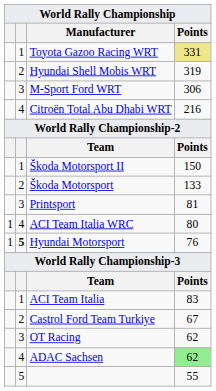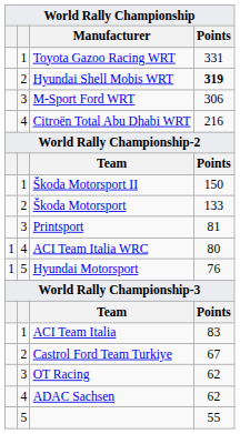 <table class="wikitable" style="font-size: 85%;">
 <tr>
 <td style="background-color:#EAECF0; text-align:center" colspan="4"><strong>World Rally Championship</strong></td>
 </tr>
 <tr>
 <th></th>
 <th align="center"></th>
 <th align="center">Manufacturer</th>
 <th align="center">Points</th>
 </tr>
 <tr>
 <td align="left"></td>
 <td align="center">1</td>
 <td> <a href='#'>Toyota Gazoo Racing WRT</a></td>
-<td align="center" style="background: khaki;">331</td>
+<td align="center">331</td>
 </tr>
 <tr>
 <td align="left"></td>
 <td align="center">2</td>
 <td> <a href='#'>Hyundai Shell Mobis WRT</a></td>
-<td align="center">319</td>
+<td align="center"><strong>319</strong></td>
 </tr>
 <tr>
 <td align="left"></td>
 <td align="center">3</td>
 <td> <a href='#'>M-Sport Ford WRT</a></td>
 <td align="center">306</td>
 </tr>
 <tr>
 <td align="left"></td>
 <td align="center">4</td>
 <td> <a href='#'>Citroën Total Abu Dhabi WRT</a></td>
 <td align="center">216</td>
 </tr>
 <tr>
 <td style="background-color:#EAECF0; text-align:center" colspan="4"><strong>World Rally Championship-2</strong></td>
 </tr>
 <tr>
 <th></th>
 <th align="center"></th>
 <th align="center">Team</th>
 <th align="center">Points</th>
 </tr>
 <tr>
 <td align="left"></td>
 <td align="center">1</td>
 <td> <a href='#'>Škoda Motorsport II</a></td>
 <td align="center">150</td>
 </tr>
 <tr>
 <td align="left"></td>
 <td align="center">2</td>
 <td> <a href='#'>Škoda Motorsport</a></td>
 <td align="center">133</td>
 </tr>
 <tr>
 <td align="left"></td>
 <td align="center">3</td>
 <td> <a href='#'>Printsport</a></td>
 <td align="center">81</td>
 </tr>
 <tr>
 <td align="left"> 1</td>
 <td align="center">4</td>
 <td> <a href='#'>ACI Team Italia WRC</a></td>
 <td align="center">80</td>
 </tr>
 <tr>
 <td align="left"> 1</td>
-<td align="center"><strong>5</strong></td>
+<td align="center">5</td>
 <td> <a href='#'>Hyundai Motorsport</a></td>
 <td align="center">76</td>
 </tr>
 <tr>
 <td style="background-color:#EAECF0; text-align:center" colspan="4"><strong>World Rally Championship-3</strong></td>
 </tr>
 <tr>
 <th></th>
 <th align="center"></th>
 <th align="center">Team</th>
 <th align="center">Points</th>
 </tr>
 <tr>
 <td align="left"></td>
 <td align="center">1</td>
 <td> <a href='#'>ACI Team Italia</a></td>
 <td align="center">83</td>
 </tr>
 <tr>
 <td align="left"></td>
 <td align="center">2</td>
 <td> <a href='#'>Castrol Ford Team Turkiye</a></td>
 <td align="center">67</td>
 </tr>
 <tr>
 <td align="left"></td>
 <td align="center">3</td>
 <td> <a href='#'>OT Racing</a></td>
 <td align="center">62</td>
 </tr>
 <tr>
 <td align="left"></td>
 <td align="center">4</td>
 <td> <a href='#'>ADAC Sachsen</a></td>
-<td align="center" style="background: lightgreen;">62</td>
+<td align="center">62</td>
 </tr>
 <tr>
 <td align="left"></td>
 <td align="center">5</td>
 <td></td>
 <td align="center">55</td>
 </tr>
 </table>
